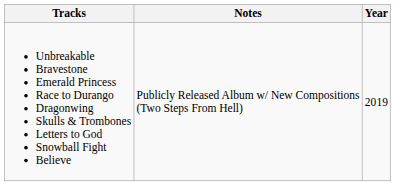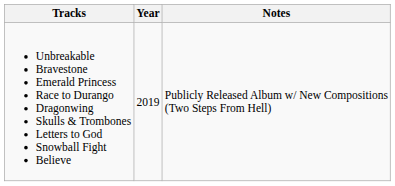 <table class="wikitable sortable">
 <tr>
 <th>Tracks</th>
+<th>Year</th>
 <th>Notes</th>
-<th>Year</th>
 </tr>
 <tr>
 <td><br><ul><li>Unbreakable</li><li>Bravestone</li><li>Emerald Princess</li><li>Race to Durango</li><li>Dragonwing</li><li>Skulls & Trombones</li><li>Letters to God</li><li>Snowball Fight</li><li>Believe</li></ul></td>
+<td>2019</td>
 <td>Publicly Released Album w/ New Compositions<br>(Two Steps From Hell)</td>
-<td>2019</td>
 </tr>
 </table>
